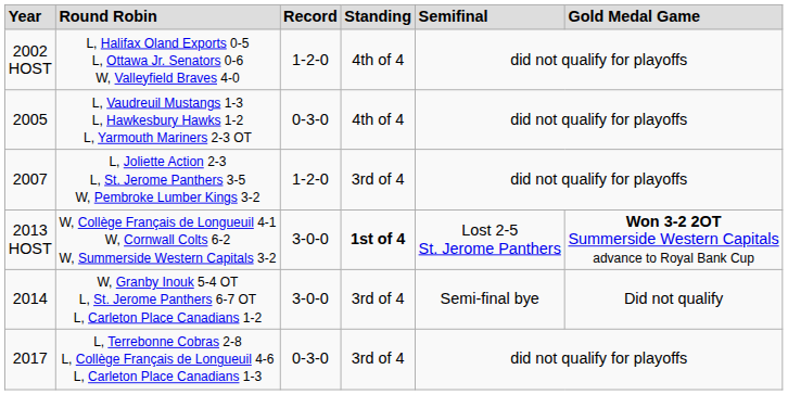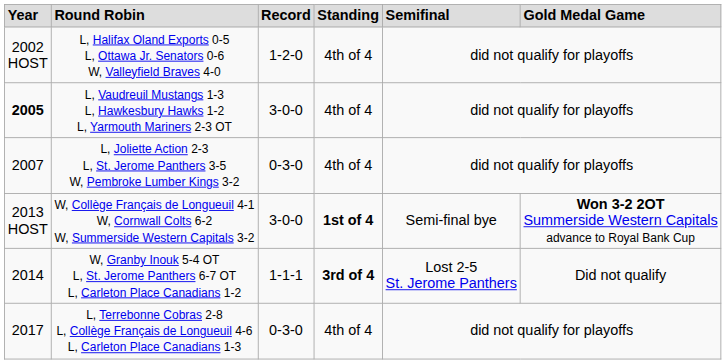 <table class="wikitable">
 <tr style="font-weight:bold; background-color:#dddddd;" |>
 <td>Year</td>
 <td>Round Robin</td>
 <td>Record</td>
 <td>Standing</td>
 <td>Semifinal</td>
 <td>Gold Medal Game</td>
 </tr>
 <tr align=center>
 <td>2002<br>HOST</td>
 <td><small>L, <a href='#'>Halifax Oland Exports</a> 0-5<br>L, <a href='#'>Ottawa Jr. Senators</a> 0-6<br>W, <a href='#'>Valleyfield Braves</a> 4-0</small></td>
 <td>1-2-0</td>
 <td>4th of 4</td>
 <td colspan=2>did not qualify for playoffs</td>
 </tr>
 <tr align=center>
-<td>2005</td>
+<td><strong>2005</strong></td>
 <td><small>L, <a href='#'>Vaudreuil Mustangs</a> 1-3<br>L, <a href='#'>Hawkesbury Hawks</a> 1-2<br>L, <a href='#'>Yarmouth Mariners</a> 2-3 OT</small></td>
-<td>0-3-0</td>
+<td>3-0-0</td>
 <td>4th of 4</td>
 <td colspan=2>did not qualify for playoffs</td>
 </tr>
 <tr align=center>
 <td>2007</td>
 <td><small>L, <a href='#'>Joliette Action</a> 2-3<br>L, <a href='#'>St. Jerome Panthers</a> 3-5<br>W, <a href='#'>Pembroke Lumber Kings</a> 3-2</small></td>
-<td>1-2-0</td>
-<td>3rd of 4</td>
+<td>0-3-0</td>
+<td>4th of 4</td>
 <td colspan=2>did not qualify for playoffs</td>
 </tr>
 <tr align=center>
 <td>2013<br>HOST</td>
 <td><small>W, <a href='#'>Collège Français de Longueuil</a> 4-1<br>W, <a href='#'>Cornwall Colts</a> 6-2<br>W, <a href='#'>Summerside Western Capitals</a> 3-2</small></td>
 <td>3-0-0</td>
 <td><strong>1st of 4</strong></td>
-<td>Lost 2-5<br><a href='#'>St. Jerome Panthers</a></td>
+<td>Semi-final bye</td>
 <td><strong>Won 3-2 2OT</strong><br><a href='#'>Summerside Western Capitals</a><br><small>advance to Royal Bank Cup</small></td>
 </tr>
 <tr align=center>
 <td>2014</td>
 <td><small>W, <a href='#'>Granby Inouk</a> 5-4 OT<br>L, <a href='#'>St. Jerome Panthers</a> 6-7 OT<br>L, <a href='#'>Carleton Place Canadians</a> 1-2</small></td>
-<td>3-0-0</td>
-<td>3rd of 4</td>
-<td>Semi-final bye</td>
+<td>1-1-1</td>
+<td><strong>3rd of 4</strong></td>
+<td>Lost 2-5<br><a href='#'>St. Jerome Panthers</a></td>
 <td>Did not qualify</td>
 </tr>
 <tr align=center>
 <td>2017</td>
 <td><small>L, <a href='#'>Terrebonne Cobras</a> 2-8<br>L, <a href='#'>Collège Français de Longueuil</a> 4-6<br>L, <a href='#'>Carleton Place Canadians</a> 1-3</small></td>
 <td>0-3-0</td>
-<td>3rd of 4</td>
+<td>4th of 4</td>
 <td colspan=2>did not qualify for playoffs</td>
 </tr>
 </table>
